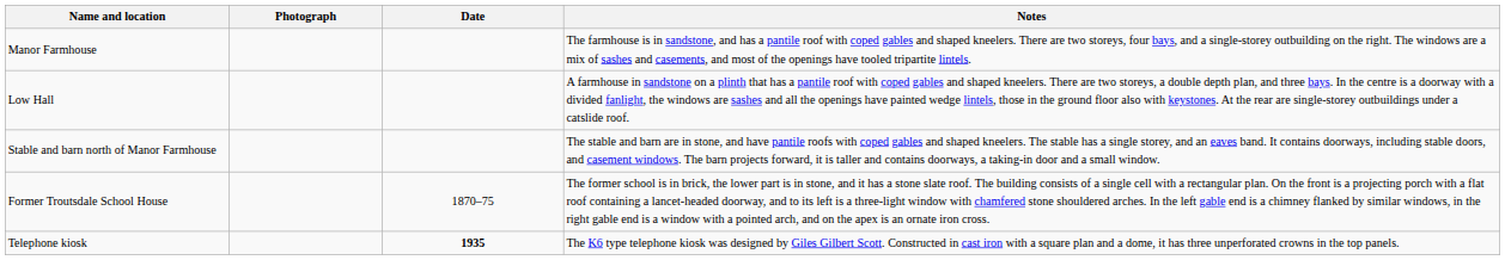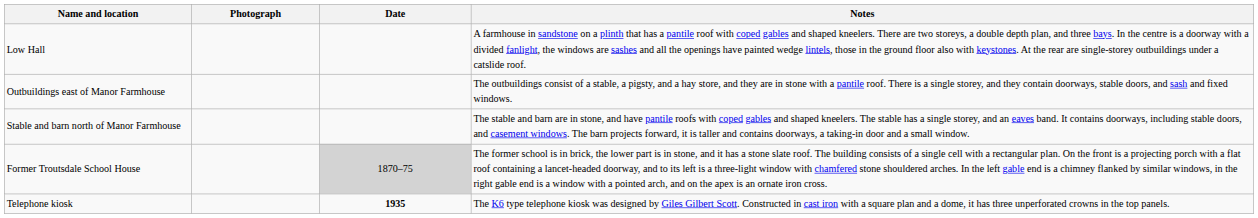 <table class="wikitable sortable plainrowheaders" style="width:100%;border:0px;text-align:left;line-height:150%;">
 <tr>
 <th scope="col"  style="width:150px">Name and location</th>
 <th scope="col"  style="width:100px" class="unsortable">Photograph</th>
 <th scope="col"  style="width:120px">Date</th>
 <th scope="col"  style="width:650px" class="unsortable">Notes</th>
 </tr>
 <tr>
-<td>Manor Farmhouse<br><small></small></td>
-<td></td>
-<td align="center"></td>
-<td>The farmhouse  is in <a href='#'>sandstone</a>, and has a <a href='#'>pantile</a> roof with <a href='#'>coped</a> <a href='#'>gables</a> and shaped kneelers.  There are two storeys, four <a href='#'>bays</a>, and a single-storey outbuilding on the right.  The windows are a mix of <a href='#'>sashes</a> and <a href='#'>casements</a>, and most of the openings have tooled tripartite <a href='#'>lintels</a>.</td>
-</tr>
-<tr>
 <td>Low Hall<br><small></small></td>
 <td></td>
 <td align="center"></td>
 <td>A farmhouse in <a href='#'>sandstone</a> on a <a href='#'>plinth</a> that has a <a href='#'>pantile</a> roof with <a href='#'>coped</a> <a href='#'>gables</a> and shaped kneelers.  There are two storeys, a double depth plan, and three <a href='#'>bays</a>.  In the centre is a doorway with a divided <a href='#'>fanlight</a>, the windows are <a href='#'>sashes</a> and all the openings have painted wedge <a href='#'>lintels</a>, those in the ground floor also with <a href='#'>keystones</a>.  At the rear are single-storey outbuildings under a catslide roof.</td>
+</tr>
+<tr>
+<td>Outbuildings east of Manor Farmhouse<br><small></small></td>
+<td></td>
+<td align="center"></td>
+<td>The outbuildings consist of a stable, a pigsty, and a hay store, and they are in stone with a <a href='#'>pantile</a> roof.  There is a single storey, and they contain doorways, stable doors, and <a href='#'>sash</a> and fixed windows.</td>
 </tr>
 <tr>
 <td>Stable and barn north of Manor Farmhouse<br><small></small></td>
 <td></td>
 <td align="center"></td>
 <td>The stable and barn are in stone, and have <a href='#'>pantile</a> roofs with <a href='#'>coped</a> <a href='#'>gables</a> and shaped kneelers.   The stable has a single storey, and an <a href='#'>eaves</a> band.  It contains doorways, including stable doors, and <a href='#'>casement windows</a>.  The barn projects forward, it is taller and contains doorways, a taking-in door and a small window.</td>
 </tr>
 <tr>
 <td>Former Troutsdale School House<br><small></small></td>
 <td></td>
-<td align="center">1870–75</td>
+<td align="center" style="background: lightgrey;">1870–75</td>
 <td>The former school is in brick, the lower part is in stone, and it has a stone slate roof.  The building consists of a single cell with a rectangular plan.  On the front is a projecting porch with a flat roof containing a lancet-headed doorway, and to its left is a three-light window with <a href='#'>chamfered</a> stone shouldered arches.  In the left <a href='#'>gable</a> end is a chimney flanked by similar windows, in the right gable end is a window with a pointed arch, and on the apex is an ornate iron cross.</td>
 </tr>
 <tr>
 <td>Telephone kiosk<br><small></small></td>
 <td></td>
 <td align="center"><strong>1935</strong></td>
 <td>The <a href='#'>K6</a> type telephone kiosk was designed by <a href='#'>Giles Gilbert Scott</a>.  Constructed in <a href='#'>cast iron</a> with a square plan and a dome, it has three unperforated crowns in the top panels.</td>
 </tr>
 <tr>
 </tr>
 </table>
